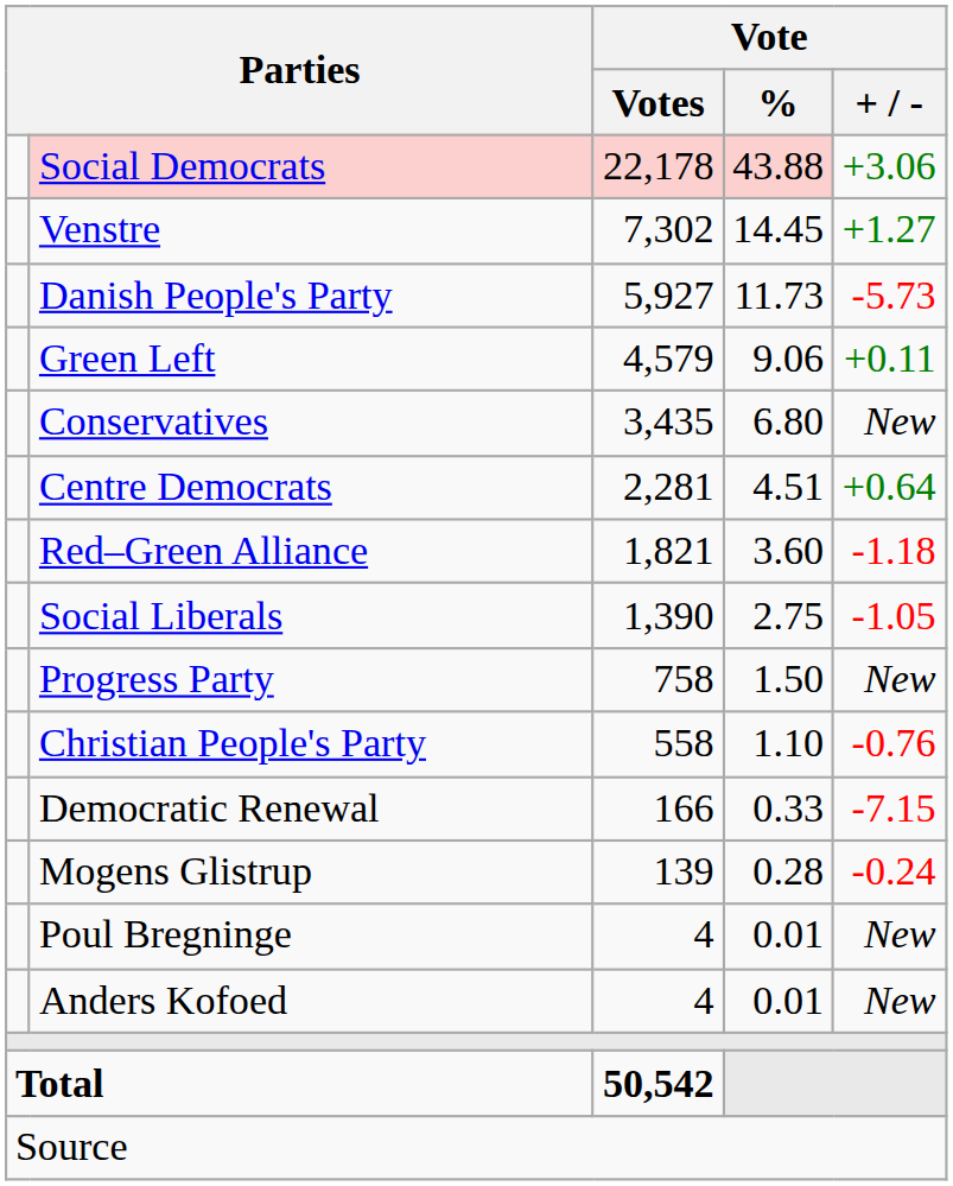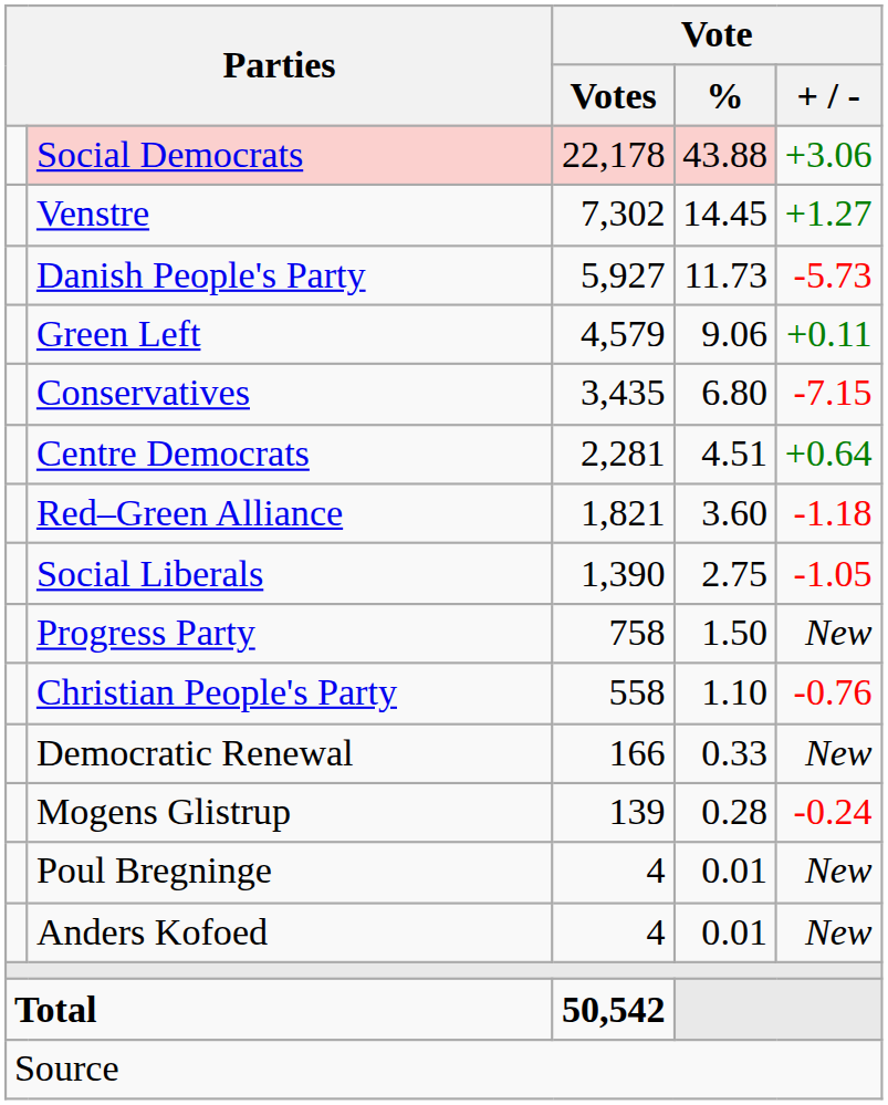 <table class="wikitable" style="text-align:right;">
 <tr>
 <th style="text-align:centre;" rowspan="2" colspan="2" width="225">Parties</th>
 <th colspan="3">Vote</th>
 </tr>
 <tr>
 <th width="15">Votes</th>
 <th width="15">%</th>
 <th width="15">+ / -</th>
 </tr>
 <tr>
 <td width="2" style="color:inherit;background:"></td>
 <td bgcolor=#fbd0ce  align="left"><a href='#'>Social Democrats</a></td>
 <td bgcolor=#fbd0ce>22,178</td>
 <td bgcolor=#fbd0ce>43.88</td>
 <td style=color:green;>+3.06</td>
 </tr>
 <tr>
 <td width="2" style="color:inherit;background:"></td>
 <td align="left"><a href='#'>Venstre</a></td>
 <td>7,302</td>
 <td>14.45</td>
 <td style=color:green;>+1.27</td>
 </tr>
 <tr>
 <td width="2" style="color:inherit;background:"></td>
 <td align="left"><a href='#'>Danish People's Party</a></td>
 <td>5,927</td>
 <td>11.73</td>
 <td style=color:red;>-5.73</td>
 </tr>
 <tr>
 <td width="2" style="color:inherit;background:"></td>
 <td align="left"><a href='#'>Green Left</a></td>
 <td>4,579</td>
 <td>9.06</td>
 <td style=color:green;>+0.11</td>
 </tr>
 <tr>
 <td width="2" style="color:inherit;background:"></td>
 <td align="left"><a href='#'>Conservatives</a></td>
 <td>3,435</td>
 <td>6.80</td>
-<td><em>New</em></td>
+<td style=color:red;>-7.15</td>
 </tr>
 <tr>
 <td width="2" style="color:inherit;background:"></td>
 <td align="left"><a href='#'>Centre Democrats</a></td>
 <td>2,281</td>
 <td>4.51</td>
 <td style=color:green;>+0.64</td>
 </tr>
 <tr>
 <td width="2" style="color:inherit;background:"></td>
 <td align="left"><a href='#'>Red–Green Alliance</a></td>
 <td>1,821</td>
 <td>3.60</td>
 <td style=color:red;>-1.18</td>
 </tr>
 <tr>
 <td width="2" style="color:inherit;background:"></td>
 <td align="left"><a href='#'>Social Liberals</a></td>
 <td>1,390</td>
 <td>2.75</td>
 <td style=color:red;>-1.05</td>
 </tr>
 <tr>
 <td width="2" style="color:inherit;background:"></td>
 <td align="left"><a href='#'>Progress Party</a></td>
 <td>758</td>
 <td>1.50</td>
 <td><em>New</em></td>
 </tr>
 <tr>
 <td width="2" style="color:inherit;background:"></td>
 <td align="left"><a href='#'>Christian People's Party</a></td>
 <td>558</td>
 <td>1.10</td>
 <td style=color:red;>-0.76</td>
 </tr>
 <tr>
 <td width="2" style="color:inherit;background:"></td>
 <td align="left">Democratic Renewal</td>
 <td>166</td>
 <td>0.33</td>
-<td style=color:red;>-7.15</td>
+<td><em>New</em></td>
 </tr>
 <tr>
 <td width="2" style="color:inherit;background:"></td>
 <td align="left">Mogens Glistrup</td>
 <td>139</td>
 <td>0.28</td>
 <td style=color:red;>-0.24</td>
 </tr>
 <tr>
 <td width="2" style="color:inherit;background:"></td>
 <td align="left">Poul Bregninge</td>
 <td>4</td>
 <td>0.01</td>
 <td><em>New</em></td>
 </tr>
 <tr>
 <td width="2" style="color:inherit;background:"></td>
 <td align="left">Anders Kofoed</td>
 <td>4</td>
 <td>0.01</td>
 <td><em>New</em></td>
 </tr>
 <tr>
 <td colspan="7" bgcolor="#E9E9E9"></td>
 </tr>
 <tr>
 <td align="left" colspan="2"><strong>Total</strong></td>
 <td><strong>50,542</strong></td>
 <td bgcolor="#E9E9E9" colspan="2"></td>
 </tr>
 <tr>
 <td align="left" colspan="6">Source</td>
 </tr>
 </table>
